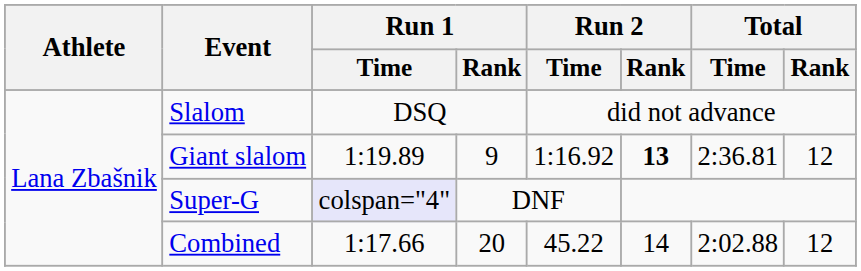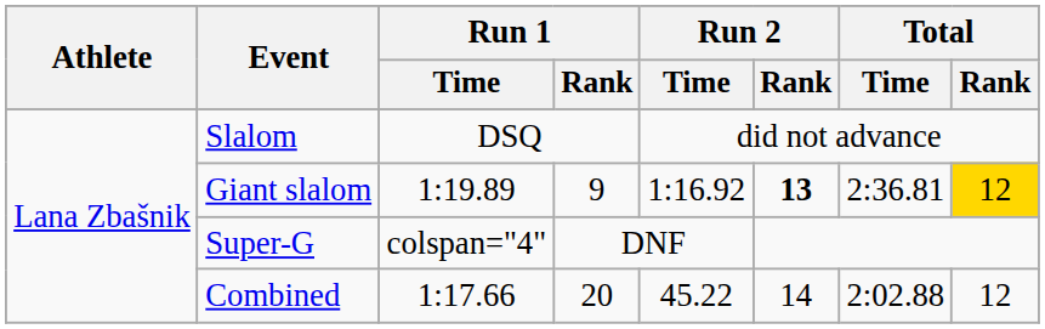 <table class="wikitable" style="font-size:90%">
 <tr>
 <th rowspan=2>Athlete</th>
 <th rowspan=2>Event</th>
 <th colspan=2>Run 1</th>
 <th colspan=2>Run 2</th>
 <th colspan=2>Total</th>
 </tr>
 <tr style="font-size:95%">
 <th>Time</th>
 <th>Rank</th>
 <th>Time</th>
 <th>Rank</th>
 <th>Time</th>
 <th>Rank</th>
 </tr>
 <tr align=center>
 <td align="left" rowspan="4"><a href='#'>Lana Zbašnik</a></td>
 <td align="left"><a href='#'>Slalom</a></td>
 <td colspan=2>DSQ</td>
 <td colspan=4>did not advance</td>
 </tr>
 <tr align=center>
 <td align="left"><a href='#'>Giant slalom</a></td>
 <td>1:19.89</td>
 <td>9</td>
 <td>1:16.92</td>
 <td><strong>13</strong></td>
 <td>2:36.81</td>
-<td>12</td>
+<td style="background: gold;">12</td>
 </tr>
 <tr align=center>
 <td align="left"><a href='#'>Super-G</a></td>
-<td style="background: lavender;">colspan="4" </td>
+<td>colspan="4" </td>
 <td colspan=2>DNF</td>
 </tr>
 <tr align=center>
 <td align="left"><a href='#'>Combined</a></td>
 <td>1:17.66</td>
 <td>20</td>
 <td>45.22</td>
 <td>14</td>
 <td>2:02.88</td>
 <td>12</td>
 </tr>
 </table>
